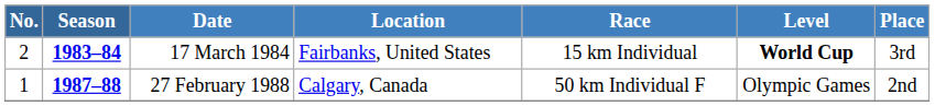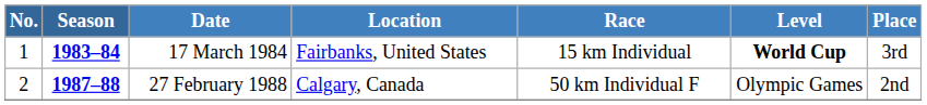 <table class="wikitable sortable" style="font-size:95%; text-align:center; border:grey solid 1px; border-collapse:collapse; background:#ffffff;">
 <tr style="background:#efefef;">
 <th style="background-color:#369; color:white;">No.</th>
 <th style="background-color:#369; color:white;">Season</th>
 <th style="background-color:#4180be; color:white; width:120px;">Date</th>
 <th style="background-color:#4180be; color:white; width:170px;">Location</th>
 <th style="background-color:#4180be; color:white; width:160px;">Race</th>
 <th style="background-color:#4180be; color:white; width:100px;">Level</th>
 <th style="background-color:#4180be; color:white;">Place</th>
 </tr>
 <tr>
-<td align=center>2</td>
+<td align=center>1</td>
 <td rowspan=1 align=center><strong> <a href='#'>1983–84</a> </strong></td>
 <td align=right>17 March 1984</td>
 <td align=left> <a href='#'>Fairbanks</a>, United States</td>
 <td>15 km Individual</td>
 <td><strong>World Cup</strong></td>
 <td>3rd</td>
 </tr>
 <tr>
-<td align=center>1</td>
+<td align=center>2</td>
 <td rowspan=1 align=center><strong> <a href='#'>1987–88</a> </strong></td>
 <td align=right>27 February 1988</td>
 <td align=left> <a href='#'>Calgary</a>, Canada</td>
 <td>50 km Individual F</td>
 <td>Olympic Games</td>
 <td>2nd</td>
 </tr>
 <tr>
 </tr>
 </table>
